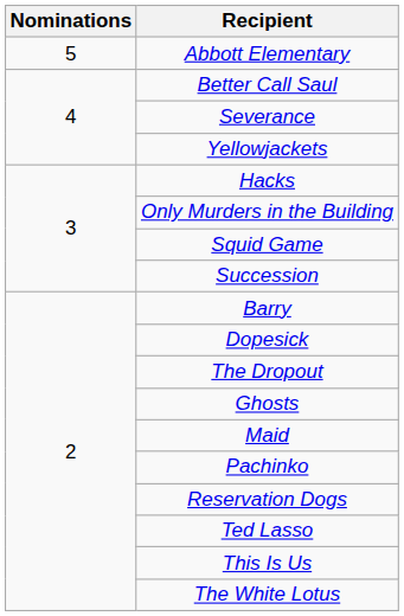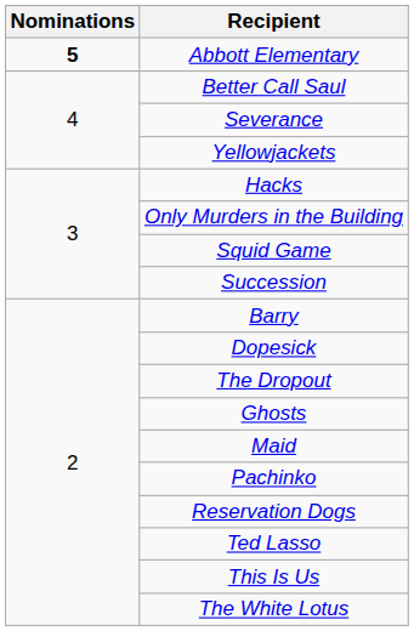 <table class="wikitable" rowspan="2" style="text-align:center;" background: #f6e39c;>
 <tr>
 <th scope="col" style="width:55px;">Nominations</th>
 <th scope="col" style="text-align:center;">Recipient</th>
 </tr>
 <tr>
-<td style="text-align: center;">5</td>
+<td style="text-align: center;"><strong>5</strong></td>
 <td><em><a href='#'>Abbott Elementary</a></em></td>
 </tr>
 <tr>
 <td rowspan="3" style="text-align: center;">4</td>
 <td><em><a href='#'>Better Call Saul</a></em></td>
 </tr>
 <tr>
 <td><em><a href='#'>Severance</a></em></td>
 </tr>
 <tr>
 <td><em><a href='#'>Yellowjackets</a></em></td>
 </tr>
 <tr>
 <td rowspan="4" style="text-align: center;">3</td>
 <td><em><a href='#'>Hacks</a></em></td>
 </tr>
 <tr>
 <td><em><a href='#'>Only Murders in the Building</a></em></td>
 </tr>
 <tr>
 <td><em><a href='#'>Squid Game</a></em></td>
 </tr>
 <tr>
 <td><em><a href='#'>Succession</a></em></td>
 </tr>
 <tr>
 <td rowspan="10" style="text-align: center;">2</td>
 <td><em><a href='#'>Barry</a></em></td>
 </tr>
 <tr>
 <td><em><a href='#'>Dopesick</a></em></td>
 </tr>
 <tr>
 <td><em><a href='#'>The Dropout</a></em></td>
 </tr>
 <tr>
 <td><em><a href='#'>Ghosts</a></em></td>
 </tr>
 <tr>
 <td><em><a href='#'>Maid</a></em></td>
 </tr>
 <tr>
 <td><em><a href='#'>Pachinko</a></em></td>
 </tr>
 <tr>
 <td><em><a href='#'>Reservation Dogs</a></em></td>
 </tr>
 <tr>
 <td><em><a href='#'>Ted Lasso</a></em></td>
 </tr>
 <tr>
 <td><em><a href='#'>This Is Us</a></em></td>
 </tr>
 <tr>
 <td><em><a href='#'>The White Lotus</a></em></td>
 </tr>
 </table>
